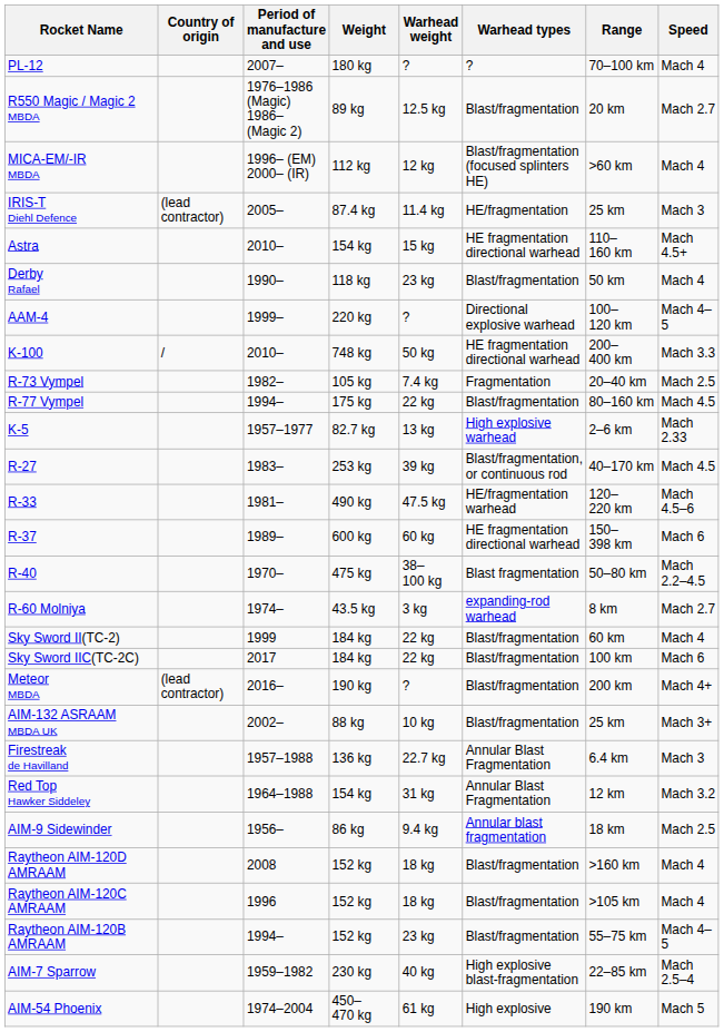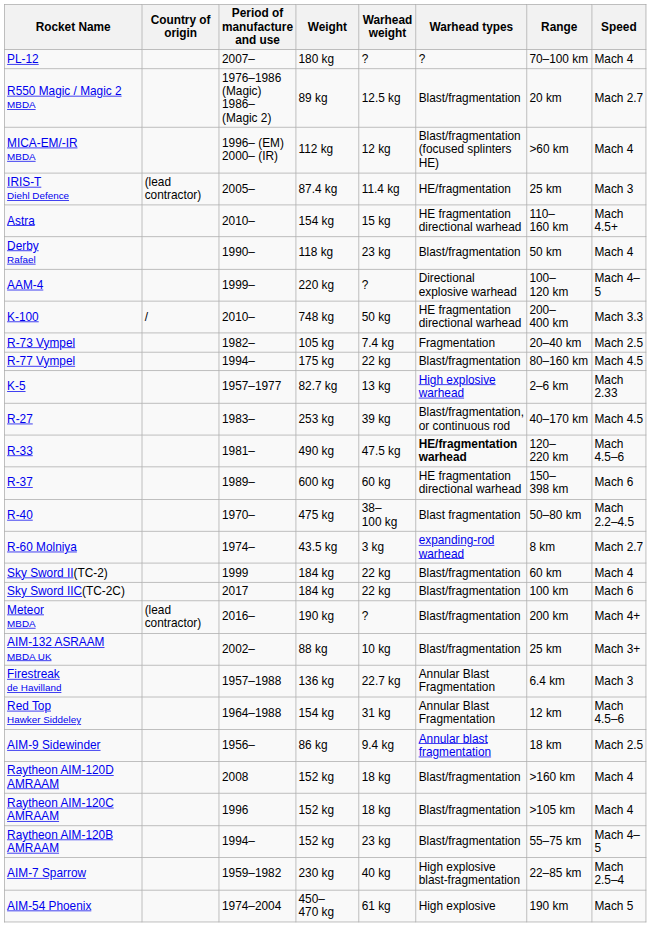 <table class="wikitable sortable">
 <tr>
 <th width="26%">Rocket Name</th>
 <th width="13%">Country of origin</th>
 <th width="11%">Period of manufacture and use</th>
 <th width="11%">Weight</th>
 <th width="9%">Warhead weight</th>
 <th width="13%">Warhead types</th>
 <th width="11%">Range</th>
 <th width="7%">Speed</th>
 </tr>
 <tr>
 <td><a href='#'>PL-12</a></td>
 <td></td>
 <td>2007–</td>
 <td>180 kg</td>
 <td>?</td>
 <td>?</td>
 <td>70–100 km</td>
 <td>Mach 4</td>
 </tr>
 <tr>
 <td><a href='#'>R550 Magic / Magic 2</a><br><small><a href='#'>MBDA</a></small></td>
 <td></td>
 <td>1976–1986 (Magic)<br>1986– (Magic 2)</td>
 <td>89 kg</td>
 <td>12.5 kg</td>
 <td>Blast/fragmentation</td>
 <td>20 km</td>
 <td>Mach 2.7</td>
 </tr>
 <tr>
 <td><a href='#'>MICA-EM/-IR</a><br><small><a href='#'>MBDA</a></small></td>
 <td></td>
 <td>1996– (EM)<br>2000– (IR)</td>
 <td>112 kg</td>
 <td>12 kg</td>
 <td>Blast/fragmentation<br>(focused splinters HE)</td>
 <td>>60 km</td>
 <td>Mach 4</td>
 </tr>
 <tr>
 <td><a href='#'>IRIS-T</a><br><a href='#'><small>Diehl Defence</small></a></td>
 <td> (lead contractor)<br>  </td>
 <td>2005–</td>
 <td>87.4 kg</td>
 <td>11.4 kg</td>
 <td>HE/fragmentation</td>
 <td>25 km</td>
 <td>Mach 3</td>
 </tr>
 <tr>
 <td><a href='#'>Astra</a></td>
 <td></td>
 <td>2010–</td>
 <td>154 kg</td>
 <td>15 kg</td>
 <td>HE fragmentation directional warhead</td>
 <td>110–160 km</td>
 <td>Mach 4.5+</td>
 </tr>
 <tr>
 <td><a href='#'>Derby</a><br><small><a href='#'>Rafael</a></small></td>
 <td></td>
 <td>1990–</td>
 <td>118 kg</td>
 <td>23 kg</td>
 <td>Blast/fragmentation</td>
 <td>50 km</td>
 <td>Mach 4</td>
 </tr>
 <tr>
 <td><a href='#'>AAM-4</a></td>
 <td></td>
 <td>1999–</td>
 <td>220 kg</td>
 <td>?</td>
 <td>Directional explosive warhead</td>
 <td>100–120 km</td>
 <td>Mach 4–5</td>
 </tr>
 <tr>
 <td><a href='#'>K-100</a></td>
 <td>/</td>
 <td>2010–</td>
 <td>748 kg</td>
 <td>50 kg</td>
 <td>HE fragmentation directional warhead</td>
 <td>200–400 km</td>
 <td>Mach 3.3</td>
 </tr>
 <tr>
 <td><a href='#'>R-73 Vympel</a></td>
 <td></td>
 <td>1982–</td>
 <td>105 kg</td>
 <td>7.4 kg</td>
 <td>Fragmentation</td>
 <td>20–40 km</td>
 <td>Mach 2.5</td>
 </tr>
 <tr>
 <td><a href='#'>R-77 Vympel</a></td>
 <td></td>
 <td>1994–</td>
 <td>175 kg</td>
 <td>22 kg</td>
 <td>Blast/fragmentation</td>
 <td>80–160 km</td>
 <td>Mach 4.5</td>
 </tr>
 <tr>
 <td><a href='#'>K-5</a></td>
 <td> <br></td>
 <td>1957–1977</td>
 <td>82.7 kg</td>
 <td>13 kg</td>
 <td><a href='#'>High explosive</a> <a href='#'>warhead</a></td>
 <td>2–6 km</td>
 <td>Mach 2.33</td>
 </tr>
 <tr>
 <td><a href='#'>R-27</a></td>
 <td> <br></td>
 <td>1983–</td>
 <td>253 kg</td>
 <td>39 kg</td>
 <td>Blast/fragmentation, or continuous rod</td>
 <td>40–170 km</td>
 <td>Mach 4.5</td>
 </tr>
 <tr>
 <td><a href='#'>R-33</a></td>
 <td> <br></td>
 <td>1981–</td>
 <td>490 kg</td>
 <td>47.5 kg</td>
-<td>HE/fragmentation warhead</td>
+<td><strong>HE/fragmentation warhead</strong></td>
 <td>120–220 km</td>
 <td>Mach 4.5–6</td>
 </tr>
 <tr>
 <td><a href='#'>R-37</a></td>
 <td> <br></td>
 <td>1989–</td>
 <td>600 kg</td>
 <td>60 kg</td>
 <td>HE fragmentation directional warhead</td>
 <td>150–398 km</td>
 <td>Mach 6</td>
 </tr>
 <tr>
 <td><a href='#'>R-40</a></td>
 <td> <br></td>
 <td>1970–</td>
 <td>475 kg</td>
 <td>38–100 kg</td>
 <td>Blast fragmentation</td>
 <td>50–80 km</td>
 <td>Mach 2.2–4.5</td>
 </tr>
 <tr>
 <td><a href='#'>R-60 Molniya</a></td>
 <td> <br></td>
 <td>1974–</td>
 <td>43.5 kg</td>
 <td>3 kg</td>
 <td><a href='#'>expanding-rod</a> <a href='#'>warhead</a></td>
 <td>8 km</td>
 <td>Mach 2.7</td>
 </tr>
 <tr>
 <td><a href='#'>Sky Sword II</a>(TC-2)</td>
 <td></td>
 <td>1999</td>
 <td>184 kg</td>
 <td>22 kg</td>
 <td>Blast/fragmentation</td>
 <td>60 km</td>
 <td>Mach 4</td>
 </tr>
 <tr>
 <td><a href='#'>Sky Sword IIC</a>(TC-2C)</td>
 <td></td>
 <td>2017</td>
 <td>184 kg</td>
 <td>22 kg</td>
 <td>Blast/fragmentation</td>
 <td>100 km</td>
 <td>Mach 6</td>
 </tr>
 <tr>
 <td><a href='#'>Meteor</a><br><small><a href='#'>MBDA</a></small></td>
 <td> (lead contractor)<br>    </td>
 <td>2016–</td>
 <td>190 kg</td>
 <td>?</td>
 <td>Blast/fragmentation</td>
 <td>200 km</td>
 <td>Mach 4+</td>
 </tr>
 <tr>
 <td><a href='#'>AIM-132 ASRAAM</a><br><small><a href='#'>MBDA UK</a></small></td>
 <td></td>
 <td>2002–</td>
 <td>88 kg</td>
 <td>10 kg</td>
 <td>Blast/fragmentation</td>
 <td>25 km</td>
 <td>Mach 3+</td>
 </tr>
 <tr>
 <td><a href='#'>Firestreak</a><br><small><a href='#'>de Havilland</a></small></td>
 <td></td>
 <td>1957–1988</td>
 <td>136 kg</td>
 <td>22.7 kg</td>
 <td>Annular Blast Fragmentation</td>
 <td>6.4 km</td>
 <td>Mach 3</td>
 </tr>
 <tr>
 <td><a href='#'>Red Top</a><br><small><a href='#'>Hawker Siddeley</a></small></td>
 <td></td>
 <td>1964–1988</td>
 <td>154 kg</td>
 <td>31 kg</td>
 <td>Annular Blast Fragmentation</td>
 <td>12 km</td>
-<td>Mach 3.2</td>
+<td>Mach 4.5–6</td>
 </tr>
 <tr>
 <td><a href='#'>AIM-9 Sidewinder</a></td>
 <td></td>
 <td>1956–</td>
 <td>86 kg</td>
 <td>9.4 kg</td>
 <td><a href='#'>Annular blast fragmentation</a></td>
 <td>18 km</td>
 <td>Mach 2.5</td>
 </tr>
 <tr>
 <td><a href='#'>Raytheon AIM-120D AMRAAM</a></td>
 <td></td>
 <td>2008</td>
 <td>152 kg</td>
 <td>18 kg</td>
 <td>Blast/fragmentation</td>
 <td>>160 km</td>
 <td>Mach 4</td>
 </tr>
 <tr>
 <td><a href='#'>Raytheon AIM-120C AMRAAM</a></td>
 <td></td>
 <td>1996</td>
 <td>152 kg</td>
 <td>18 kg</td>
 <td>Blast/fragmentation</td>
 <td>>105 km</td>
 <td>Mach 4</td>
 </tr>
 <tr>
 <td><a href='#'>Raytheon AIM-120B AMRAAM</a></td>
 <td></td>
 <td>1994–</td>
 <td>152 kg</td>
 <td>23 kg</td>
 <td>Blast/fragmentation</td>
 <td>55–75 km</td>
 <td>Mach 4–5</td>
 </tr>
 <tr>
 <td><a href='#'>AIM-7 Sparrow</a></td>
 <td></td>
 <td>1959–1982</td>
 <td>230 kg</td>
 <td>40 kg</td>
 <td>High explosive blast-fragmentation</td>
 <td>22–85 km</td>
 <td>Mach 2.5–4</td>
 </tr>
 <tr>
 <td><a href='#'>AIM-54 Phoenix</a></td>
 <td></td>
 <td>1974–2004</td>
 <td>450–470 kg</td>
 <td>61 kg</td>
 <td>High explosive</td>
 <td>190 km</td>
 <td>Mach 5</td>
 </tr>
 </table>
